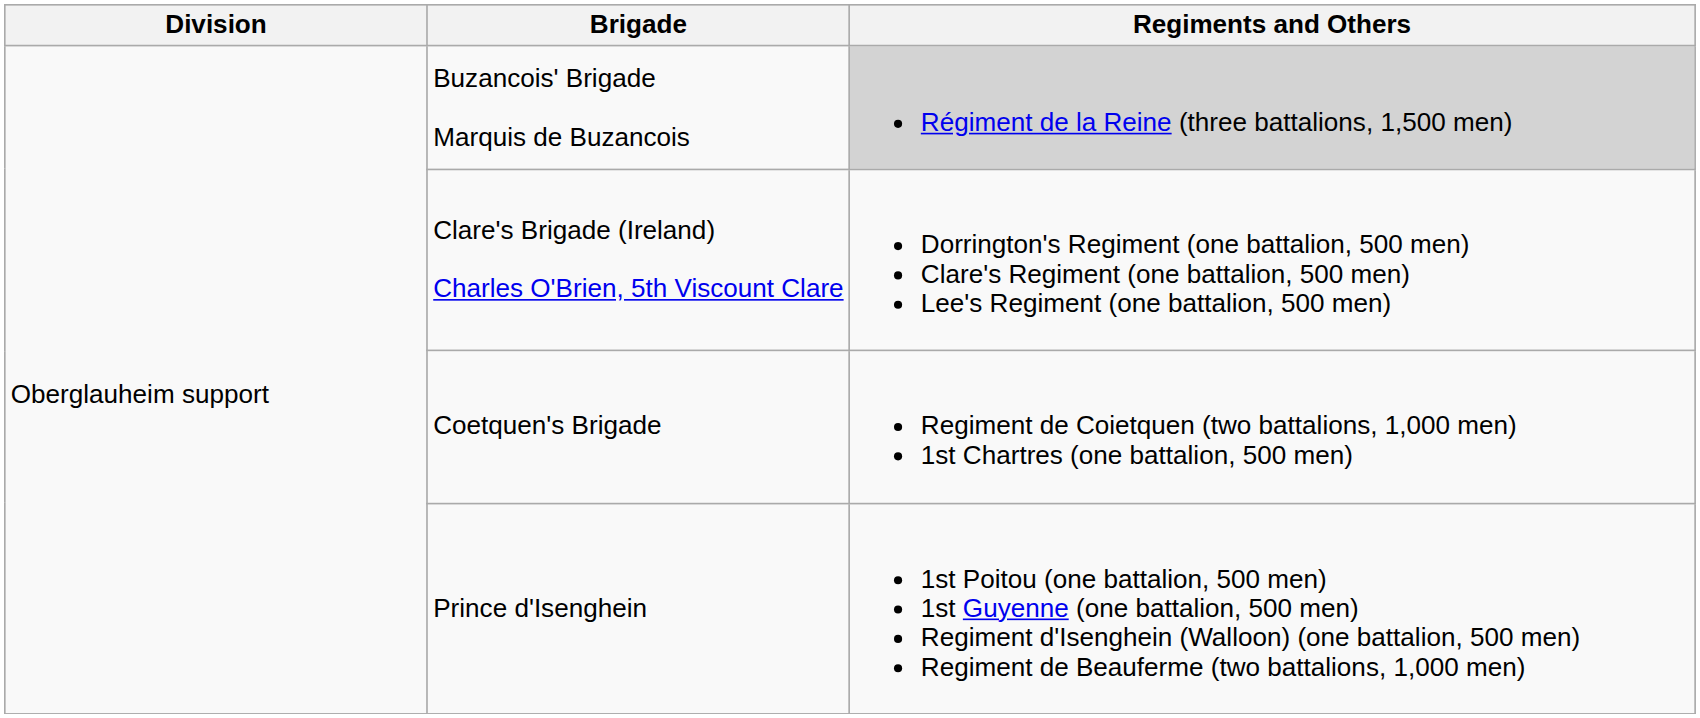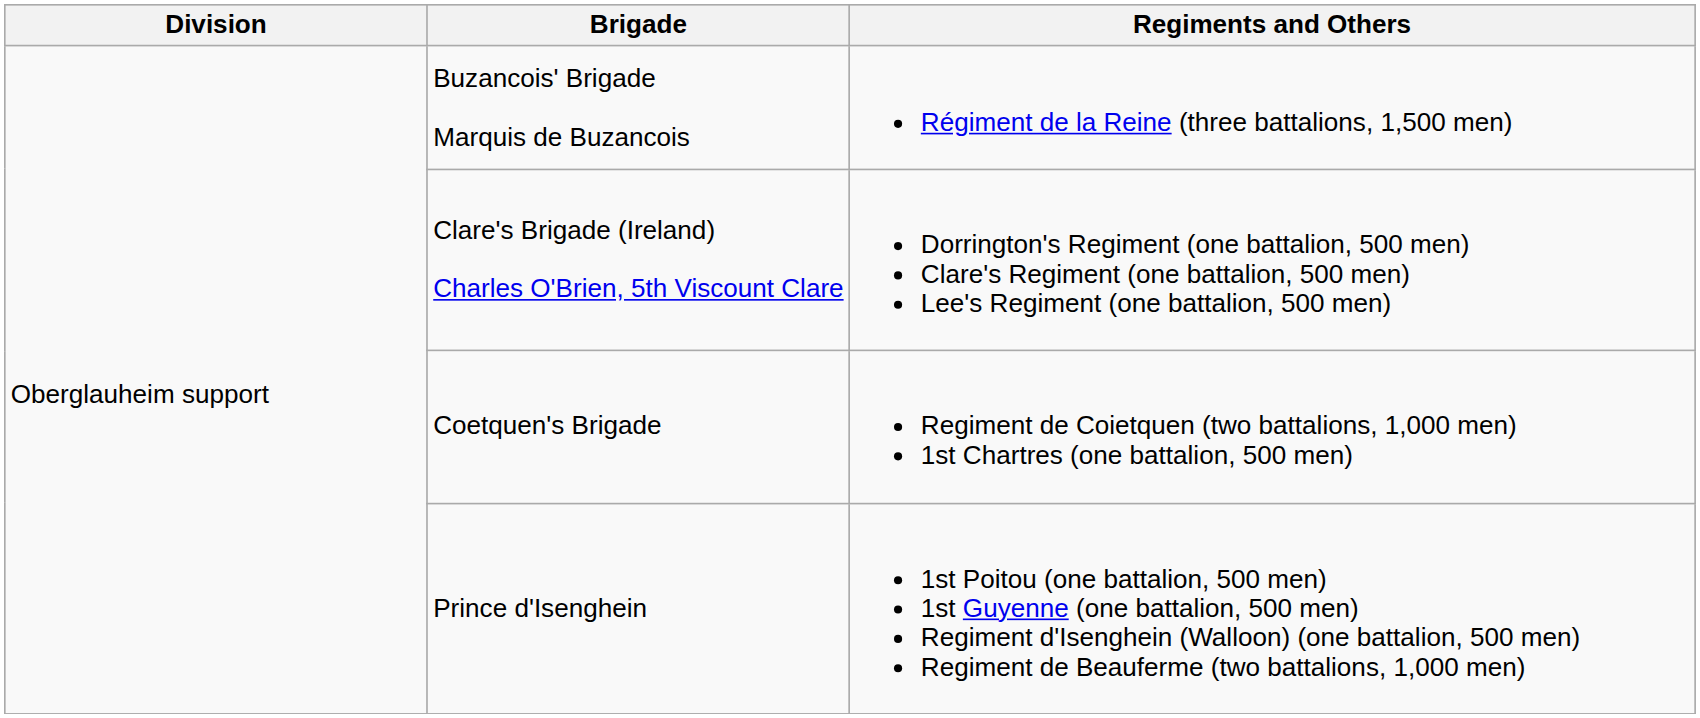 <table class="wikitable">
 <tr>
 <th width=25%>Division</th>
 <th width=25%>Brigade</th>
 <th>Regiments and Others</th>
 </tr>
 <tr>
 <td rowspan=4><br>Oberglauheim support</td>
 <td>Buzancois' Brigade<br><br> Marquis de Buzancois</td>
-<td style="background: lightgrey;"><br><ul><li><a href='#'>Régiment de la Reine</a> (three battalions, 1,500 men)</li></ul></td>
+<td><br><ul><li><a href='#'>Régiment de la Reine</a> (three battalions, 1,500 men)</li></ul></td>
 </tr>
 <tr>
 <td>Clare's Brigade (Ireland)<br><br> <a href='#'>Charles O'Brien, 5th Viscount Clare</a></td>
 <td><br><ul><li>Dorrington's Regiment (one battalion, 500 men)</li><li>Clare's Regiment (one battalion, 500 men)</li><li>Lee's Regiment (one battalion, 500 men)</li></ul></td>
 </tr>
 <tr>
 <td>Coetquen's Brigade</td>
 <td><br><ul><li>Regiment de Coietquen (two battalions, 1,000 men)</li><li>1st Chartres (one battalion, 500 men)</li></ul></td>
 </tr>
 <tr>
 <td>Prince d'Isenghein</td>
 <td><br><ul><li>1st Poitou (one battalion, 500 men)</li><li>1st <a href='#'>Guyenne</a> (one battalion, 500 men)</li><li>Regiment d'Isenghein (Walloon) (one battalion, 500 men)</li><li>Regiment de Beauferme (two battalions, 1,000 men)</li></ul></td>
 </tr>
 </table>
